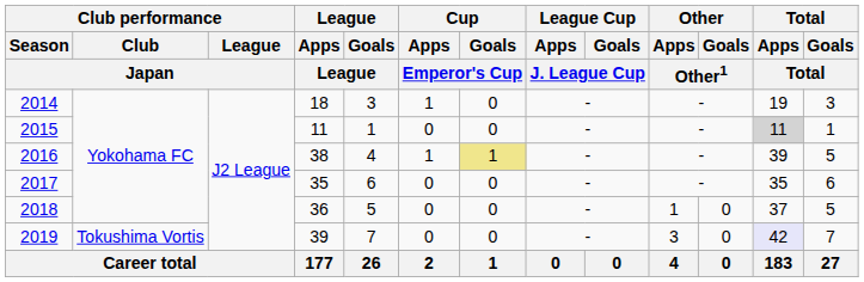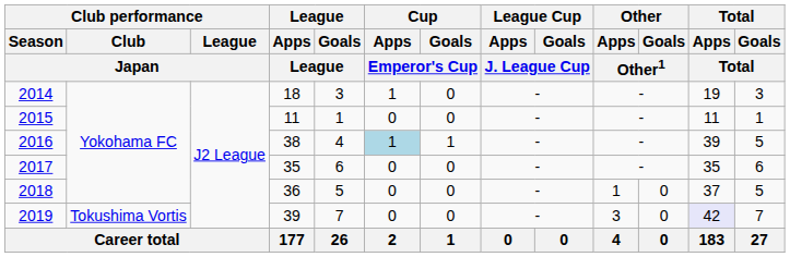 <table class="wikitable" style="text-align:center">
 <tr>
 <th colspan=3>Club performance</th>
 <th colspan=2>League</th>
 <th colspan=2>Cup</th>
 <th colspan=2>League Cup</th>
 <th colspan=2>Other</th>
 <th colspan=2>Total</th>
 </tr>
 <tr>
 <th>Season</th>
 <th>Club</th>
 <th>League</th>
 <th>Apps</th>
 <th>Goals</th>
 <th>Apps</th>
 <th>Goals</th>
 <th>Apps</th>
 <th>Goals</th>
 <th>Apps</th>
 <th>Goals</th>
 <th>Apps</th>
 <th>Goals</th>
 </tr>
 <tr>
 <th colspan=3>Japan</th>
 <th colspan=2>League</th>
 <th colspan=2><a href='#'>Emperor's Cup</a></th>
 <th colspan=2><a href='#'>J. League Cup</a></th>
 <th colspan=2>Other<sup>1</sup></th>
 <th colspan=2>Total</th>
 </tr>
 <tr>
 <td><a href='#'>2014</a></td>
 <td rowspan="5"><a href='#'>Yokohama FC</a></td>
 <td rowspan="6"><a href='#'>J2 League</a></td>
 <td>18</td>
 <td>3</td>
 <td>1</td>
 <td>0</td>
 <td colspan="2">-</td>
 <td colspan="2">-</td>
 <td>19</td>
 <td>3</td>
 </tr>
 <tr>
 <td><a href='#'>2015</a></td>
 <td>11</td>
 <td>1</td>
 <td>0</td>
 <td>0</td>
 <td colspan="2">-</td>
 <td colspan="2">-</td>
-<td style="background: lightgrey;">11</td>
+<td>11</td>
 <td>1</td>
 </tr>
 <tr>
 <td><a href='#'>2016</a></td>
 <td>38</td>
 <td>4</td>
+<td style="background: lightblue;">1</td>
 <td>1</td>
-<td style="background: khaki;">1</td>
 <td colspan="2">-</td>
 <td colspan="2">-</td>
 <td>39</td>
 <td>5</td>
 </tr>
 <tr>
 <td><a href='#'>2017</a></td>
 <td>35</td>
 <td>6</td>
 <td>0</td>
 <td>0</td>
 <td colspan="2">-</td>
 <td colspan="2">-</td>
 <td>35</td>
 <td>6</td>
 </tr>
 <tr>
 <td><a href='#'>2018</a></td>
 <td>36</td>
 <td>5</td>
 <td>0</td>
 <td>0</td>
 <td colspan="2">-</td>
 <td>1</td>
 <td>0</td>
 <td>37</td>
 <td>5</td>
 </tr>
 <tr>
 <td><a href='#'>2019</a></td>
 <td><a href='#'>Tokushima Vortis</a></td>
 <td>39</td>
 <td>7</td>
 <td>0</td>
 <td>0</td>
 <td colspan="2">-</td>
 <td>3</td>
 <td>0</td>
 <td style="background: lavender;">42</td>
 <td>7</td>
 </tr>
 <tr>
 <th colspan=3>Career total</th>
 <th>177</th>
 <th>26</th>
 <th>2</th>
 <th>1</th>
 <th>0</th>
 <th>0</th>
 <th>4</th>
 <th>0</th>
 <th>183</th>
 <th>27</th>
 </tr>
 </table>
